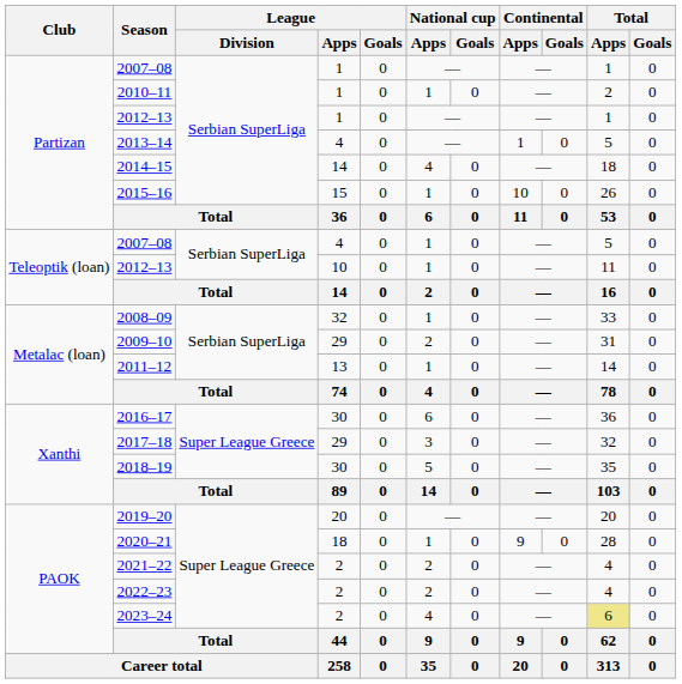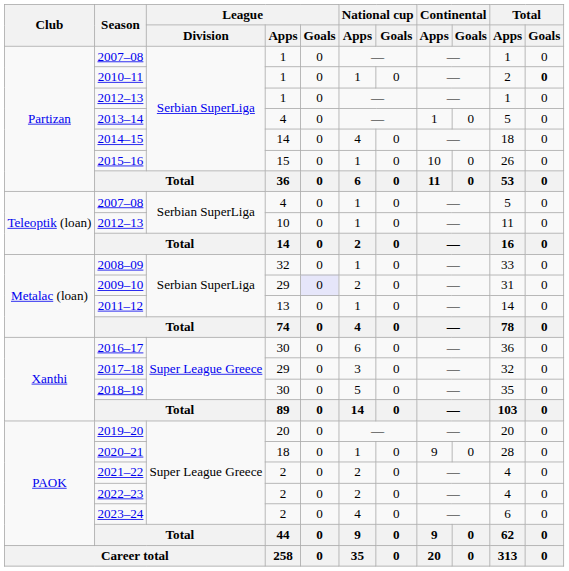 <table class="wikitable" style="text-align:center">
 <tr>
 <th rowspan="2">Club</th>
 <th rowspan="2">Season</th>
 <th colspan="3">League</th>
 <th colspan="2">National cup</th>
 <th colspan="2">Continental</th>
 <th colspan="2">Total</th>
 </tr>
 <tr>
 <th>Division</th>
 <th>Apps</th>
 <th>Goals</th>
 <th>Apps</th>
 <th>Goals</th>
 <th>Apps</th>
 <th>Goals</th>
 <th>Apps</th>
 <th>Goals</th>
 </tr>
 <tr>
 <td rowspan="7"><a href='#'>Partizan</a></td>
 <td><a href='#'>2007–08</a></td>
 <td rowspan="6"><a href='#'>Serbian SuperLiga</a></td>
 <td>1</td>
 <td>0</td>
 <td colspan="2">—</td>
 <td colspan="2">—</td>
 <td>1</td>
 <td>0</td>
 </tr>
 <tr>
 <td><a href='#'>2010–11</a></td>
 <td>1</td>
 <td>0</td>
 <td>1</td>
 <td>0</td>
 <td colspan="2">—</td>
 <td>2</td>
-<td>0</td>
+<td><strong>0</strong></td>
 </tr>
 <tr>
 <td><a href='#'>2012–13</a></td>
 <td>1</td>
 <td>0</td>
 <td colspan="2">—</td>
 <td colspan="2">—</td>
 <td>1</td>
 <td>0</td>
 </tr>
 <tr>
 <td><a href='#'>2013–14</a></td>
 <td>4</td>
 <td>0</td>
 <td colspan="2">—</td>
 <td>1</td>
 <td>0</td>
 <td>5</td>
 <td>0</td>
 </tr>
 <tr>
 <td><a href='#'>2014–15</a></td>
 <td>14</td>
 <td>0</td>
 <td>4</td>
 <td>0</td>
 <td colspan="2">—</td>
 <td>18</td>
 <td>0</td>
 </tr>
 <tr>
 <td><a href='#'>2015–16</a></td>
 <td>15</td>
 <td>0</td>
 <td>1</td>
 <td>0</td>
 <td>10</td>
 <td>0</td>
 <td>26</td>
 <td>0</td>
 </tr>
 <tr>
 <th colspan="2">Total</th>
 <th>36</th>
 <th>0</th>
 <th>6</th>
 <th>0</th>
 <th>11</th>
 <th>0</th>
 <th>53</th>
 <th>0</th>
 </tr>
 <tr>
 <td rowspan="3"><a href='#'>Teleoptik</a> (loan)</td>
 <td><a href='#'>2007–08</a></td>
 <td rowspan="2">Serbian SuperLiga</td>
 <td>4</td>
 <td>0</td>
 <td>1</td>
 <td>0</td>
 <td colspan="2">—</td>
 <td>5</td>
 <td>0</td>
 </tr>
 <tr>
 <td><a href='#'>2012–13</a></td>
 <td>10</td>
 <td>0</td>
 <td>1</td>
 <td>0</td>
 <td colspan="2">—</td>
 <td>11</td>
 <td>0</td>
 </tr>
 <tr>
 <th colspan="2">Total</th>
 <th>14</th>
 <th>0</th>
 <th>2</th>
 <th>0</th>
 <th colspan="2">—</th>
 <th>16</th>
 <th>0</th>
 </tr>
 <tr>
 <td rowspan="4"><a href='#'>Metalac</a> (loan)</td>
 <td><a href='#'>2008–09</a></td>
 <td rowspan="3">Serbian SuperLiga</td>
 <td>32</td>
 <td>0</td>
 <td>1</td>
 <td>0</td>
 <td colspan="2">—</td>
 <td>33</td>
 <td>0</td>
 </tr>
 <tr>
 <td><a href='#'>2009–10</a></td>
 <td>29</td>
-<td>0</td>
+<td style="background: lavender;">0</td>
 <td>2</td>
 <td>0</td>
 <td colspan="2">—</td>
 <td>31</td>
 <td>0</td>
 </tr>
 <tr>
 <td><a href='#'>2011–12</a></td>
 <td>13</td>
 <td>0</td>
 <td>1</td>
 <td>0</td>
 <td colspan="2">—</td>
 <td>14</td>
 <td>0</td>
 </tr>
 <tr>
 <th colspan="2">Total</th>
 <th>74</th>
 <th>0</th>
 <th>4</th>
 <th>0</th>
 <th colspan="2">—</th>
 <th>78</th>
 <th>0</th>
 </tr>
 <tr>
 <td rowspan="4"><a href='#'>Xanthi</a></td>
 <td><a href='#'>2016–17</a></td>
 <td rowspan="3"><a href='#'>Super League Greece</a></td>
 <td>30</td>
 <td>0</td>
 <td>6</td>
 <td>0</td>
 <td colspan="2">—</td>
 <td>36</td>
 <td>0</td>
 </tr>
 <tr>
 <td><a href='#'>2017–18</a></td>
 <td>29</td>
 <td>0</td>
 <td>3</td>
 <td>0</td>
 <td colspan="2">—</td>
 <td>32</td>
 <td>0</td>
 </tr>
 <tr>
 <td><a href='#'>2018–19</a></td>
 <td>30</td>
 <td>0</td>
 <td>5</td>
 <td>0</td>
 <td colspan="2">—</td>
 <td>35</td>
 <td>0</td>
 </tr>
 <tr>
 <th colspan="2">Total</th>
 <th>89</th>
 <th>0</th>
 <th>14</th>
 <th>0</th>
 <th colspan="2">—</th>
 <th>103</th>
 <th>0</th>
 </tr>
 <tr>
 <td rowspan="6"><a href='#'>PAOK</a></td>
 <td><a href='#'>2019–20</a></td>
 <td rowspan="5">Super League Greece</td>
 <td>20</td>
 <td>0</td>
 <td colspan="2">—</td>
 <td colspan="2">—</td>
 <td>20</td>
 <td>0</td>
 </tr>
 <tr>
 <td><a href='#'>2020–21</a></td>
 <td>18</td>
 <td>0</td>
 <td>1</td>
 <td>0</td>
 <td>9</td>
 <td>0</td>
 <td>28</td>
 <td>0</td>
 </tr>
 <tr>
 <td><a href='#'>2021–22</a></td>
 <td>2</td>
 <td>0</td>
 <td>2</td>
 <td>0</td>
 <td colspan="2">—</td>
 <td>4</td>
 <td>0</td>
 </tr>
 <tr>
 <td><a href='#'>2022–23</a></td>
 <td>2</td>
 <td>0</td>
 <td>2</td>
 <td>0</td>
 <td colspan="2">—</td>
 <td>4</td>
 <td>0</td>
 </tr>
 <tr>
 <td><a href='#'>2023–24</a></td>
 <td>2</td>
 <td>0</td>
 <td>4</td>
 <td>0</td>
 <td colspan="2">—</td>
-<td style="background: khaki;">6</td>
+<td>6</td>
 <td>0</td>
 </tr>
 <tr>
 <th colspan="2">Total</th>
 <th>44</th>
 <th>0</th>
 <th>9</th>
 <th>0</th>
 <th>9</th>
 <th>0</th>
 <th>62</th>
 <th>0</th>
 </tr>
 <tr>
 <th colspan="3">Career total</th>
 <th>258</th>
 <th>0</th>
 <th>35</th>
 <th>0</th>
 <th>20</th>
 <th>0</th>
 <th>313</th>
 <th>0</th>
 </tr>
 </table>
